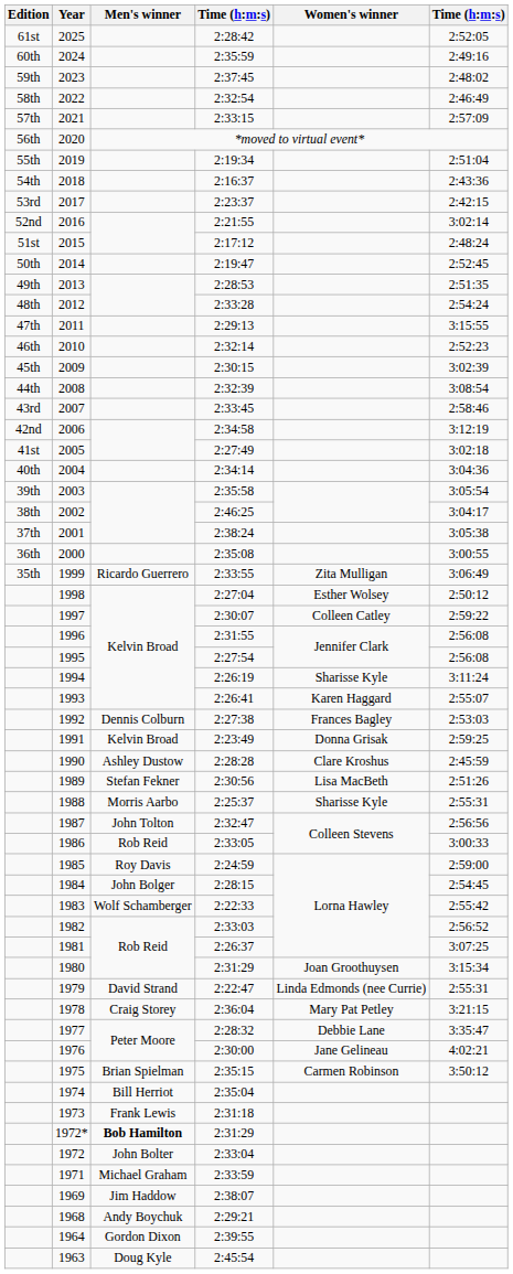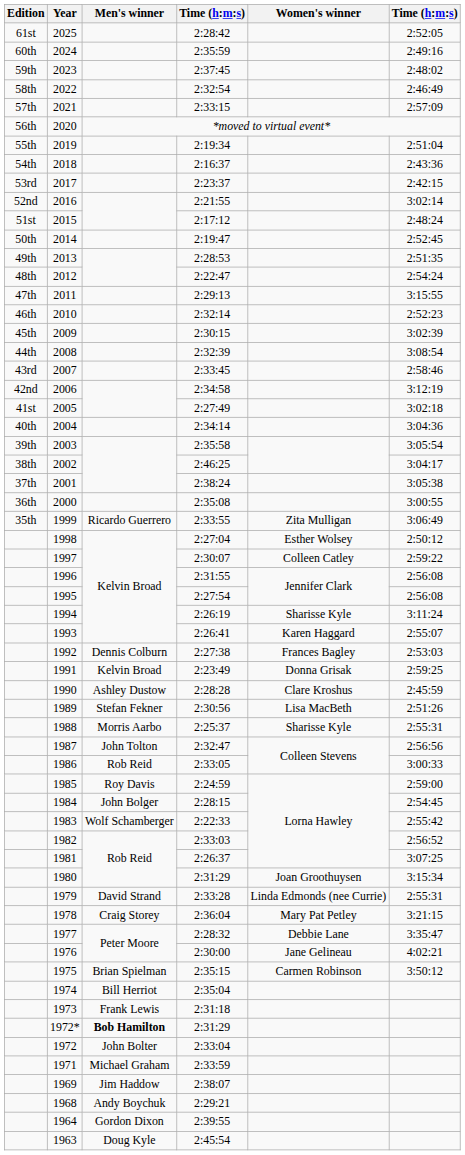 <table class="wikitable" style="text-align:center">
 <tr>
 <th>Edition</th>
 <th>Year</th>
 <th>Men's winner</th>
 <th>Time (<a href='#'>h</a>:<a href='#'>m</a>:<a href='#'>s</a>)</th>
 <th>Women's winner</th>
 <th>Time (<a href='#'>h</a>:<a href='#'>m</a>:<a href='#'>s</a>)</th>
 </tr>
 <tr>
 <td>61st</td>
 <td>2025</td>
 <td></td>
 <td>2:28:42</td>
 <td></td>
 <td>2:52:05</td>
 </tr>
 <tr>
 <td>60th</td>
 <td>2024</td>
 <td></td>
 <td>2:35:59</td>
 <td></td>
 <td>2:49:16</td>
 </tr>
 <tr>
 <td>59th</td>
 <td>2023</td>
 <td></td>
 <td>2:37:45</td>
 <td></td>
 <td>2:48:02</td>
 </tr>
 <tr>
 <td>58th</td>
 <td>2022</td>
 <td align="left"></td>
 <td>2:32:54</td>
 <td align="left"></td>
 <td>2:46:49</td>
 </tr>
 <tr>
 <td>57th</td>
 <td>2021</td>
 <td align="left"></td>
 <td>2:33:15</td>
 <td align="left"></td>
 <td>2:57:09</td>
 </tr>
 <tr>
 <td>56th</td>
 <td>2020</td>
 <td colspan="4"><em>*moved to virtual event*</em></td>
 </tr>
 <tr>
 <td>55th</td>
 <td>2019</td>
 <td align=left></td>
 <td>2:19:34</td>
 <td align=left></td>
 <td>2:51:04</td>
 </tr>
 <tr>
 <td>54th</td>
 <td>2018</td>
 <td align=left></td>
 <td>2:16:37</td>
 <td align=left></td>
 <td>2:43:36</td>
 </tr>
 <tr>
 <td>53rd</td>
 <td>2017</td>
 <td align=left></td>
 <td>2:23:37</td>
 <td align=left></td>
 <td>2:42:15</td>
 </tr>
 <tr>
 <td>52nd</td>
 <td>2016</td>
 <td rowspan="2" align="left"></td>
 <td>2:21:55</td>
 <td align=left></td>
 <td>3:02:14</td>
 </tr>
 <tr>
 <td>51st</td>
 <td>2015</td>
 <td>2:17:12</td>
 <td align=left></td>
 <td>2:48:24</td>
 </tr>
 <tr>
 <td>50th</td>
 <td>2014</td>
 <td align=left></td>
 <td>2:19:47</td>
 <td align=left></td>
 <td>2:52:45</td>
 </tr>
 <tr>
 <td>49th</td>
 <td>2013</td>
 <td rowspan="2" align="left"></td>
 <td>2:28:53</td>
 <td align=left></td>
 <td>2:51:35</td>
 </tr>
 <tr>
 <td>48th</td>
 <td>2012</td>
-<td>2:33:28</td>
+<td>2:22:47</td>
 <td align=left></td>
 <td>2:54:24</td>
 </tr>
 <tr>
 <td>47th</td>
 <td>2011</td>
 <td align=left></td>
 <td>2:29:13</td>
 <td align=left></td>
 <td>3:15:55</td>
 </tr>
 <tr>
 <td>46th</td>
 <td>2010</td>
 <td align=left></td>
 <td>2:32:14</td>
 <td align=left></td>
 <td>2:52:23</td>
 </tr>
 <tr>
 <td>45th</td>
 <td>2009</td>
 <td align=left></td>
 <td>2:30:15</td>
 <td align=left></td>
 <td>3:02:39</td>
 </tr>
 <tr>
 <td>44th</td>
 <td>2008</td>
 <td align=left></td>
 <td>2:32:39</td>
 <td align=left></td>
 <td>3:08:54</td>
 </tr>
 <tr>
 <td>43rd</td>
 <td>2007</td>
 <td align=left></td>
 <td>2:33:45</td>
 <td align=left></td>
 <td>2:58:46</td>
 </tr>
 <tr>
 <td>42nd</td>
 <td>2006</td>
 <td rowspan="2" align="left"></td>
 <td>2:34:58</td>
 <td align=left></td>
 <td>3:12:19</td>
 </tr>
 <tr>
 <td>41st</td>
 <td>2005</td>
 <td>2:27:49</td>
 <td align=left></td>
 <td>3:02:18</td>
 </tr>
 <tr>
 <td>40th</td>
 <td>2004</td>
 <td align=left></td>
 <td>2:34:14</td>
 <td align=left></td>
 <td>3:04:36</td>
 </tr>
 <tr>
 <td>39th</td>
 <td>2003</td>
 <td rowspan="3" align="left"></td>
 <td>2:35:58</td>
 <td rowspan="2" align="left"></td>
 <td>3:05:54</td>
 </tr>
 <tr>
 <td>38th</td>
 <td>2002</td>
 <td>2:46:25</td>
 <td>3:04:17</td>
 </tr>
 <tr>
 <td>37th</td>
 <td>2001</td>
 <td>2:38:24</td>
 <td align=left></td>
 <td>3:05:38</td>
 </tr>
 <tr>
 <td>36th</td>
 <td>2000</td>
 <td align=left></td>
 <td>2:35:08</td>
 <td align=left></td>
 <td>3:00:55</td>
 </tr>
 <tr>
 <td>35th</td>
 <td>1999</td>
 <td>Ricardo Guerrero</td>
 <td>2:33:55</td>
 <td>Zita Mulligan</td>
 <td>3:06:49</td>
 </tr>
 <tr>
 <td></td>
 <td>1998</td>
 <td rowspan="6">Kelvin Broad</td>
 <td>2:27:04</td>
 <td>Esther Wolsey</td>
 <td>2:50:12</td>
 </tr>
 <tr>
 <td></td>
 <td>1997</td>
 <td>2:30:07</td>
 <td>Colleen Catley</td>
 <td>2:59:22</td>
 </tr>
 <tr>
 <td></td>
 <td>1996</td>
 <td>2:31:55</td>
 <td rowspan="2">Jennifer Clark</td>
 <td>2:56:08</td>
 </tr>
 <tr>
 <td></td>
 <td>1995</td>
 <td>2:27:54</td>
 <td>2:56:08</td>
 </tr>
 <tr>
 <td></td>
 <td>1994</td>
 <td>2:26:19</td>
 <td>Sharisse Kyle</td>
 <td>3:11:24</td>
 </tr>
 <tr>
 <td></td>
 <td>1993</td>
 <td>2:26:41</td>
 <td>Karen Haggard</td>
 <td>2:55:07</td>
 </tr>
 <tr>
 <td></td>
 <td>1992</td>
 <td>Dennis Colburn</td>
 <td>2:27:38</td>
 <td>Frances Bagley</td>
 <td>2:53:03</td>
 </tr>
 <tr>
 <td></td>
 <td>1991</td>
 <td>Kelvin Broad</td>
 <td>2:23:49</td>
 <td>Donna Grisak</td>
 <td>2:59:25</td>
 </tr>
 <tr>
 <td></td>
 <td>1990</td>
 <td>Ashley Dustow</td>
 <td>2:28:28</td>
 <td>Clare Kroshus</td>
 <td>2:45:59</td>
 </tr>
 <tr>
 <td></td>
 <td>1989</td>
 <td>Stefan Fekner</td>
 <td>2:30:56</td>
 <td>Lisa MacBeth</td>
 <td>2:51:26</td>
 </tr>
 <tr>
 <td></td>
 <td>1988</td>
 <td>Morris Aarbo</td>
 <td>2:25:37</td>
 <td>Sharisse Kyle</td>
 <td>2:55:31</td>
 </tr>
 <tr>
 <td></td>
 <td>1987</td>
 <td>John Tolton</td>
 <td>2:32:47</td>
 <td rowspan="2">Colleen Stevens</td>
 <td>2:56:56</td>
 </tr>
 <tr>
 <td></td>
 <td>1986</td>
 <td>Rob Reid</td>
 <td>2:33:05</td>
 <td>3:00:33</td>
 </tr>
 <tr>
 <td></td>
 <td>1985</td>
 <td>Roy Davis</td>
 <td>2:24:59</td>
 <td rowspan="5">Lorna Hawley</td>
 <td>2:59:00</td>
 </tr>
 <tr>
 <td></td>
 <td>1984</td>
 <td>John Bolger</td>
 <td>2:28:15</td>
 <td>2:54:45</td>
 </tr>
 <tr>
 <td></td>
 <td>1983</td>
 <td>Wolf Schamberger</td>
 <td>2:22:33</td>
 <td>2:55:42</td>
 </tr>
 <tr>
 <td></td>
 <td>1982</td>
 <td rowspan="3">Rob Reid</td>
 <td>2:33:03</td>
 <td>2:56:52</td>
 </tr>
 <tr>
 <td></td>
 <td>1981</td>
 <td>2:26:37</td>
 <td>3:07:25</td>
 </tr>
 <tr>
 <td></td>
 <td>1980</td>
 <td>2:31:29</td>
 <td>Joan Groothuysen</td>
 <td>3:15:34</td>
 </tr>
 <tr>
 <td></td>
 <td>1979</td>
 <td>David Strand</td>
-<td>2:22:47</td>
+<td>2:33:28</td>
 <td>Linda Edmonds (nee Currie)</td>
 <td>2:55:31</td>
 </tr>
 <tr>
 <td></td>
 <td>1978</td>
 <td>Craig Storey</td>
 <td>2:36:04</td>
 <td>Mary Pat Petley</td>
 <td>3:21:15</td>
 </tr>
 <tr>
 <td></td>
 <td>1977</td>
 <td rowspan="2">Peter Moore</td>
 <td>2:28:32</td>
 <td>Debbie Lane</td>
 <td>3:35:47</td>
 </tr>
 <tr>
 <td></td>
 <td>1976</td>
 <td>2:30:00</td>
 <td>Jane Gelineau</td>
 <td>4:02:21</td>
 </tr>
 <tr>
 <td></td>
 <td>1975</td>
 <td>Brian Spielman</td>
 <td>2:35:15</td>
 <td>Carmen Robinson</td>
 <td>3:50:12</td>
 </tr>
 <tr>
 <td></td>
 <td>1974</td>
 <td>Bill Herriot</td>
 <td>2:35:04</td>
 <td></td>
 <td></td>
 </tr>
 <tr>
 <td></td>
 <td>1973</td>
 <td>Frank Lewis</td>
 <td>2:31:18</td>
 <td></td>
 <td></td>
 </tr>
 <tr>
 <td></td>
 <td>1972*</td>
 <td><strong>Bob Hamilton</strong></td>
 <td>2:31:29</td>
 <td></td>
 <td></td>
 </tr>
 <tr>
 <td></td>
 <td>1972</td>
 <td>John Bolter</td>
 <td>2:33:04</td>
 <td></td>
 <td></td>
 </tr>
 <tr>
 <td></td>
 <td>1971</td>
 <td>Michael Graham</td>
 <td>2:33:59</td>
 <td></td>
 <td></td>
 </tr>
 <tr>
 <td></td>
 <td>1969</td>
 <td>Jim Haddow</td>
 <td>2:38:07</td>
 <td></td>
 <td></td>
 </tr>
 <tr>
 <td></td>
 <td>1968</td>
 <td>Andy Boychuk</td>
 <td>2:29:21</td>
 <td></td>
 <td></td>
 </tr>
 <tr>
 <td></td>
 <td>1964</td>
 <td>Gordon Dixon</td>
 <td>2:39:55</td>
 <td></td>
 <td></td>
 </tr>
 <tr>
 <td></td>
 <td>1963</td>
 <td>Doug Kyle</td>
 <td>2:45:54</td>
 <td></td>
 <td></td>
 </tr>
 </table>
